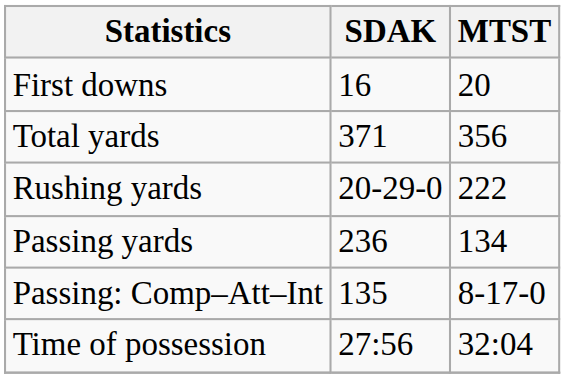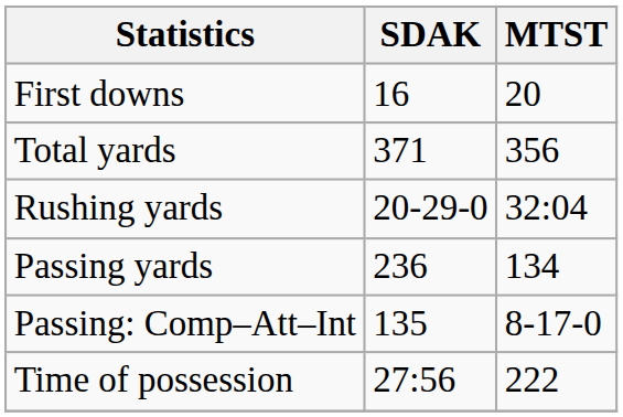 <table class="wikitable" style="float: left;">
 <tr>
 <th>Statistics</th>
 <th>SDAK</th>
 <th>MTST</th>
 </tr>
 <tr>
 <td>First downs</td>
 <td>16</td>
 <td>20</td>
 </tr>
 <tr>
 <td>Total yards</td>
 <td>371</td>
 <td>356</td>
 </tr>
 <tr>
 <td>Rushing yards</td>
 <td>20-29-0</td>
-<td>222</td>
+<td>32:04</td>
 </tr>
 <tr>
 <td>Passing yards</td>
 <td>236</td>
 <td>134</td>
 </tr>
 <tr>
 <td>Passing: Comp–Att–Int</td>
 <td>135</td>
 <td>8-17-0</td>
 </tr>
 <tr>
 <td>Time of possession</td>
 <td>27:56</td>
-<td>32:04</td>
+<td>222</td>
 </tr>
 <tr>
 </tr>
 </table>
